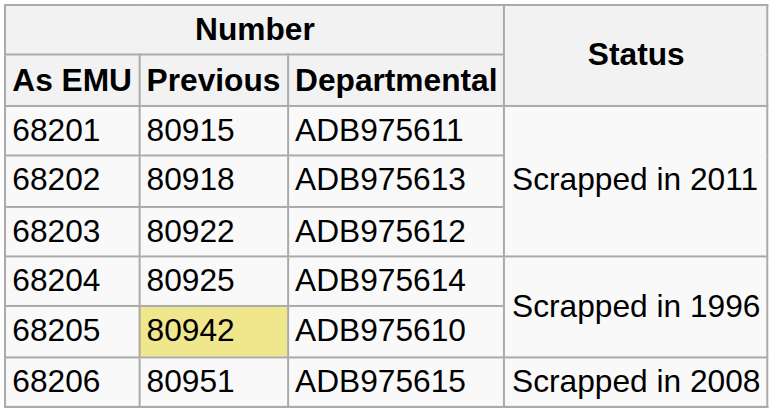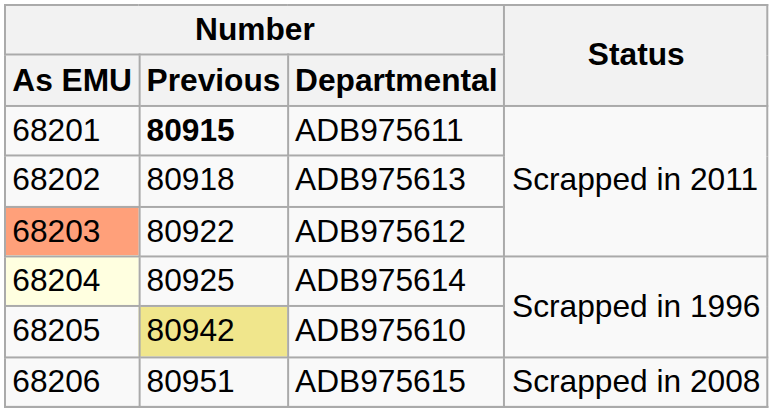 <table class="wikitable">
 <tr>
 <th colspan=3>Number</th>
 <th rowspan=2>Status</th>
 </tr>
 <tr>
 <th>As EMU</th>
 <th>Previous</th>
 <th>Departmental</th>
 </tr>
 <tr>
 <td>68201</td>
-<td>80915</td>
+<td><strong>80915</strong></td>
 <td>ADB975611</td>
 <td rowspan=3>Scrapped in 2011</td>
 </tr>
 <tr>
 <td>68202</td>
 <td>80918</td>
 <td>ADB975613</td>
 </tr>
 <tr>
-<td>68203</td>
+<td style="background: lightsalmon;">68203</td>
 <td>80922</td>
 <td>ADB975612</td>
 </tr>
 <tr>
-<td>68204</td>
+<td style="background: lightyellow;">68204</td>
 <td>80925</td>
 <td>ADB975614</td>
 <td rowspan=2>Scrapped in 1996</td>
 </tr>
 <tr>
 <td>68205</td>
 <td style="background: khaki;">80942</td>
 <td>ADB975610</td>
 </tr>
 <tr>
 <td>68206</td>
 <td>80951</td>
 <td>ADB975615</td>
 <td>Scrapped in 2008</td>
 </tr>
 <tr>
 </tr>
 </table>
